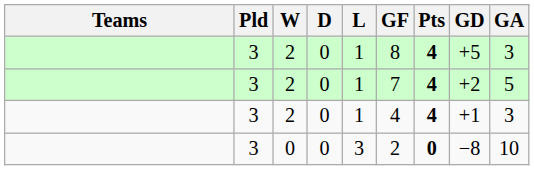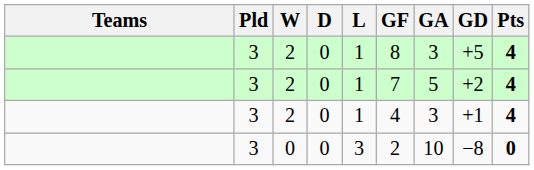 <table class="wikitable" style="text-align:center">
 <tr>
 <th width="175">Teams</th>
 <th width="20">Pld</th>
 <th width="20">W</th>
 <th width="20">D</th>
 <th width="20">L</th>
 <th width="20">GF</th>
+<th width="20">GA</th>
+<th width="20">GD</th>
 <th width="20">Pts</th>
-<th width="20">GD</th>
-<th width="20">GA</th>
 </tr>
 <tr style="background:#ccffcc">
 <td style="text-align:left"></td>
 <td>3</td>
 <td>2</td>
 <td>0</td>
 <td>1</td>
 <td>8</td>
+<td>3</td>
+<td>+5</td>
 <td><strong>4</strong></td>
-<td>+5</td>
-<td>3</td>
 </tr>
 <tr style="background:#ccffcc">
 <td style="text-align:left"></td>
 <td>3</td>
 <td>2</td>
 <td>0</td>
 <td>1</td>
 <td>7</td>
+<td>5</td>
+<td>+2</td>
 <td><strong>4</strong></td>
-<td>+2</td>
-<td>5</td>
 </tr>
 <tr>
 <td style="text-align:left"></td>
 <td>3</td>
 <td>2</td>
 <td>0</td>
 <td>1</td>
 <td>4</td>
+<td>3</td>
+<td>+1</td>
 <td><strong>4</strong></td>
-<td>+1</td>
-<td>3</td>
 </tr>
 <tr>
 <td style="text-align:left"></td>
 <td>3</td>
 <td>0</td>
 <td>0</td>
 <td>3</td>
 <td>2</td>
+<td>10</td>
+<td>−8</td>
 <td><strong>0</strong></td>
-<td>−8</td>
-<td>10</td>
 </tr>
 </table>
